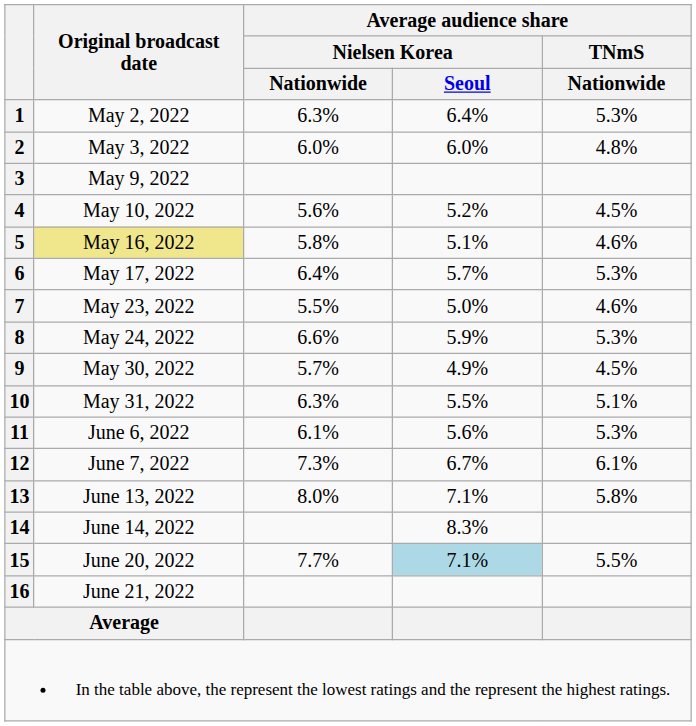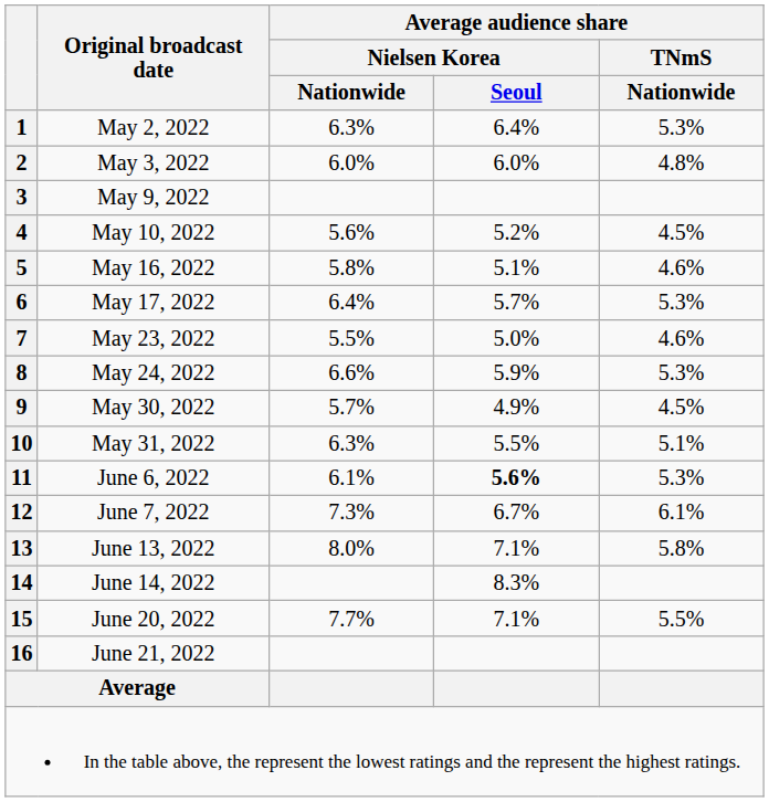 <table class="wikitable" style="text-align:center; max-width:550px; margin-left:auto; margin-right:auto">
 <tr>
 <th scope="col" rowspan="3"></th>
 <th scope="col" rowspan="3">Original broadcast date</th>
 <th scope="col" colspan="3">Average audience share</th>
 </tr>
 <tr>
 <th scope="col" colspan="2">Nielsen Korea</th>
 <th scope="col">TNmS</th>
 </tr>
 <tr>
 <th scope="col" style="width:7em">Nationwide</th>
 <th scope="col" style="width:7em"><a href='#'>Seoul</a></th>
 <th scope="col" style="width:7em">Nationwide</th>
 </tr>
 <tr>
 <th scope="col">1</th>
 <td>May 2, 2022</td>
 <td>6.3% </td>
 <td>6.4% </td>
 <td>5.3% </td>
 </tr>
 <tr>
 <th scope="col">2</th>
 <td>May 3, 2022</td>
 <td>6.0% </td>
 <td>6.0% </td>
 <td>4.8% </td>
 </tr>
 <tr>
 <th scope="col">3</th>
 <td>May 9, 2022</td>
 <td><strong></strong> </td>
 <td><strong></strong> </td>
 <td><strong></strong> </td>
 </tr>
 <tr>
 <th scope="col">4</th>
 <td>May 10, 2022</td>
 <td>5.6% </td>
 <td>5.2% </td>
 <td>4.5% </td>
 </tr>
 <tr>
 <th scope="col">5</th>
-<td style="background: khaki;">May 16, 2022</td>
+<td>May 16, 2022</td>
 <td>5.8% </td>
 <td>5.1% </td>
 <td>4.6% </td>
 </tr>
 <tr>
 <th scope="col">6</th>
 <td>May 17, 2022</td>
 <td>6.4% </td>
 <td>5.7% </td>
 <td>5.3% </td>
 </tr>
 <tr>
 <th scope="col">7</th>
 <td>May 23, 2022</td>
 <td>5.5% </td>
 <td>5.0% </td>
 <td>4.6% </td>
 </tr>
 <tr>
 <th scope="col">8</th>
 <td>May 24, 2022</td>
 <td>6.6% </td>
 <td>5.9% </td>
 <td>5.3% </td>
 </tr>
 <tr>
 <th scope="col">9</th>
 <td>May 30, 2022</td>
 <td>5.7% </td>
 <td>4.9% </td>
 <td>4.5% </td>
 </tr>
 <tr>
 <th scope="col">10</th>
 <td>May 31, 2022</td>
 <td>6.3% </td>
 <td>5.5% </td>
 <td>5.1% </td>
 </tr>
 <tr>
 <th scope="col">11</th>
 <td>June 6, 2022</td>
 <td>6.1% </td>
-<td>5.6% </td>
+<td><strong>5.6% </strong></td>
 <td>5.3% </td>
 </tr>
 <tr>
 <th scope="col">12</th>
 <td>June 7, 2022</td>
 <td>7.3% </td>
 <td>6.7% </td>
 <td>6.1% </td>
 </tr>
 <tr>
 <th scope="col">13</th>
 <td>June 13, 2022</td>
 <td>8.0% </td>
 <td>7.1% </td>
 <td>5.8% </td>
 </tr>
 <tr>
 <th scope="col">14</th>
 <td>June 14, 2022</td>
 <td><strong></strong> </td>
 <td>8.3% </td>
 <td><strong> </strong></td>
 </tr>
 <tr>
 <th scope="col">15</th>
 <td>June 20, 2022</td>
 <td>7.7% </td>
-<td style="background: lightblue;">7.1% </td>
+<td>7.1% </td>
 <td>5.5% </td>
 </tr>
 <tr>
 <th scope="col">16</th>
 <td>June 21, 2022</td>
 <td><strong></strong> </td>
 <td><strong></strong> </td>
 <td><strong> </strong></td>
 </tr>
 <tr>
 <th scope="col" colspan="2">Average</th>
 <th scope="col"></th>
 <th scope="col"></th>
 <th scope="col"></th>
 </tr>
 <tr>
 <td colspan="5" style="font-size:85%"><br><ul><li>In the table above, the <strong></strong> represent the lowest ratings and the <strong></strong> represent the highest ratings.</li></ul></td>
 </tr>
 </table>
